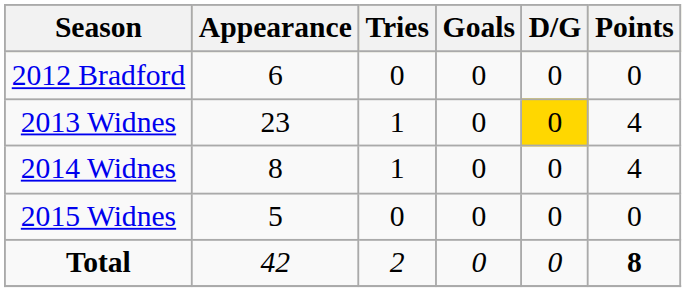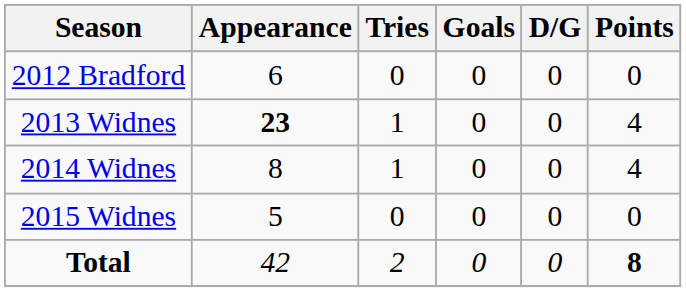 <table class="wikitable" style="text-align:center;">
 <tr bgcolor=#bdb76b>
 <th>Season</th>
 <th>Appearance</th>
 <th>Tries</th>
 <th>Goals</th>
 <th>D/G</th>
 <th>Points</th>
 </tr>
 <tr>
 <td><a href='#'>2012 Bradford</a></td>
 <td>6</td>
 <td>0</td>
 <td>0</td>
 <td>0</td>
 <td>0</td>
 </tr>
 <tr>
 <td><a href='#'>2013 Widnes</a></td>
-<td>23</td>
+<td><strong>23</strong></td>
 <td>1</td>
 <td>0</td>
-<td style="background: gold;">0</td>
+<td>0</td>
 <td>4</td>
 </tr>
 <tr>
 <td><a href='#'>2014 Widnes</a></td>
 <td>8</td>
 <td>1</td>
 <td>0</td>
 <td>0</td>
 <td>4</td>
 </tr>
 <tr>
 <td><a href='#'>2015 Widnes</a></td>
 <td>5</td>
 <td>0</td>
 <td>0</td>
 <td>0</td>
 <td>0</td>
 </tr>
 <tr>
 <td><strong>Total</strong></td>
 <td><em>42</em></td>
 <td><em>2</em></td>
 <td><em>0</em></td>
 <td><em>0</em></td>
 <td><strong>8</strong></td>
 </tr>
 <tr>
 </tr>
 </table>
